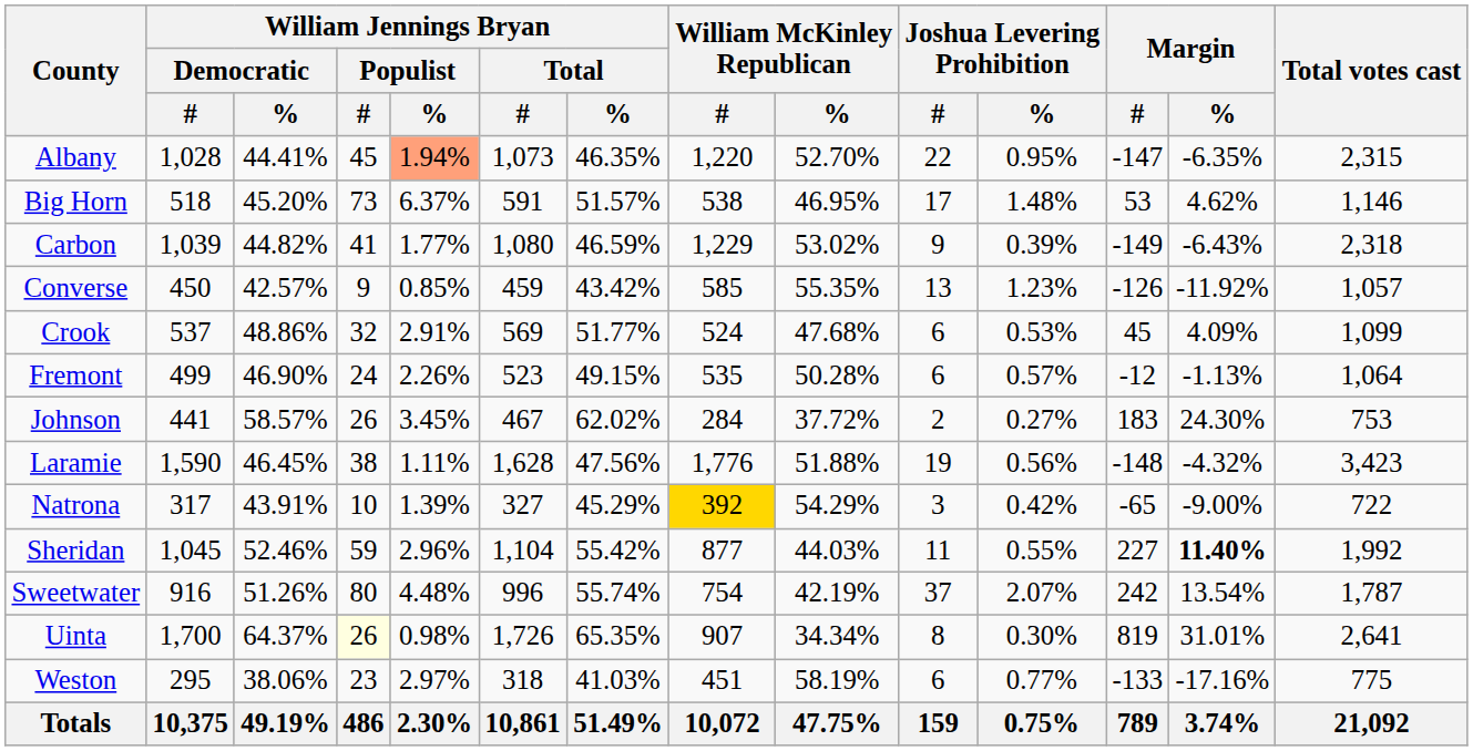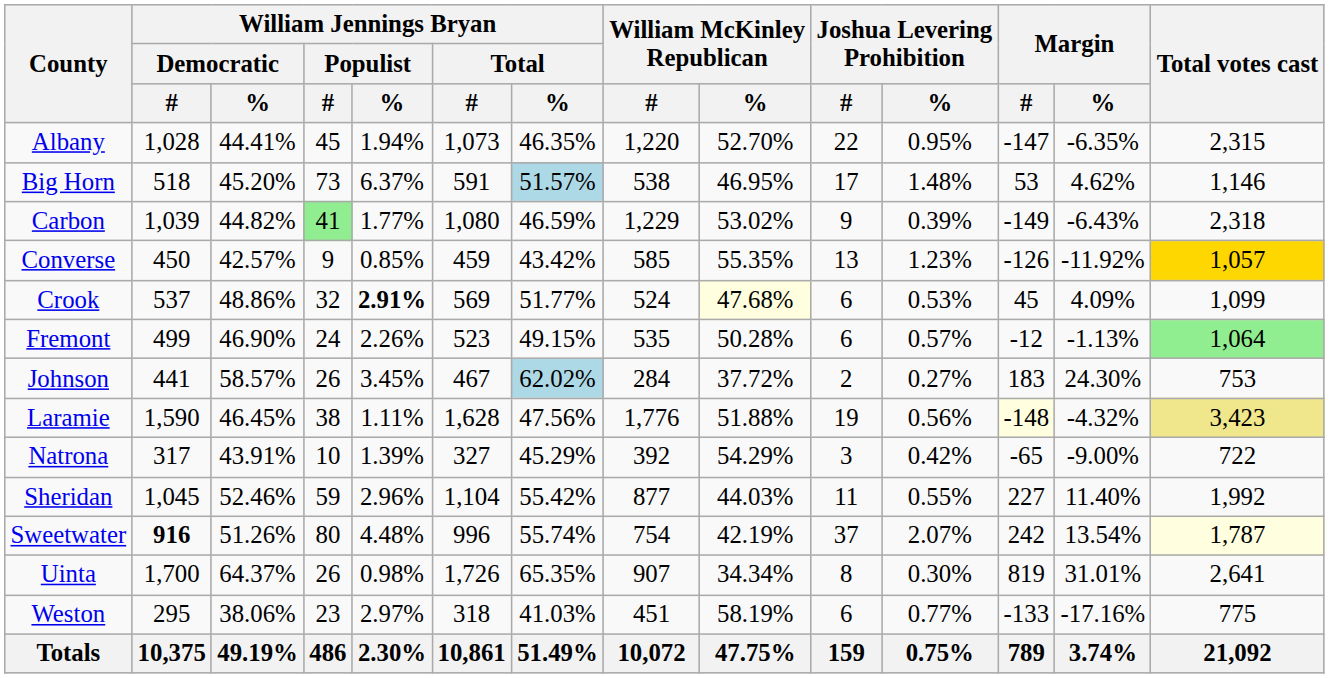 <table class="wikitable sortable" style="text-align:center">
 <tr>
 <th rowspan="3">County</th>
 <th colspan="6">William Jennings Bryan</th>
 <th colspan="2" rowspan="2">William McKinley<br>Republican</th>
 <th colspan="2" rowspan="2">Joshua Levering<br>Prohibition</th>
 <th colspan="2" rowspan="2">Margin</th>
 <th rowspan="3">Total votes cast</th>
 </tr>
 <tr>
 <th colspan="2" style="text-align:center;">Democratic</th>
 <th colspan="2" style="text-align:center;">Populist</th>
 <th colspan="2" style="text-align:center;">Total</th>
 </tr>
 <tr>
 <th style="text-align:center;" data-sort-type="number">#</th>
 <th style="text-align:center;" data-sort-type="number">%</th>
 <th style="text-align:center;" data-sort-type="number">#</th>
 <th style="text-align:center;" data-sort-type="number">%</th>
 <th style="text-align:center;" data-sort-type="number">#</th>
 <th style="text-align:center;" data-sort-type="number">%</th>
 <th style="text-align:center;" data-sort-type="number">#</th>
 <th style="text-align:center;" data-sort-type="number">%</th>
 <th style="text-align:center;" data-sort-type="number">#</th>
 <th style="text-align:center;" data-sort-type="number">%</th>
 <th style="text-align:center;" data-sort-type="number">#</th>
 <th style="text-align:center;" data-sort-type="number">%</th>
 </tr>
 <tr style="text-align:center;">
 <td><a href='#'>Albany</a></td>
 <td>1,028</td>
 <td>44.41%</td>
 <td>45</td>
-<td style="background: lightsalmon;">1.94%</td>
+<td>1.94%</td>
 <td>1,073</td>
 <td>46.35%</td>
 <td>1,220</td>
 <td>52.70%</td>
 <td>22</td>
 <td>0.95%</td>
 <td>-147</td>
 <td>-6.35%</td>
 <td>2,315</td>
 </tr>
 <tr style="text-align:center;">
 <td><a href='#'>Big Horn</a></td>
 <td>518</td>
 <td>45.20%</td>
 <td>73</td>
 <td>6.37%</td>
 <td>591</td>
-<td>51.57%</td>
+<td style="background: lightblue;">51.57%</td>
 <td>538</td>
 <td>46.95%</td>
 <td>17</td>
 <td>1.48%</td>
 <td>53</td>
 <td>4.62%</td>
 <td>1,146</td>
 </tr>
 <tr style="text-align:center;">
 <td><a href='#'>Carbon</a></td>
 <td>1,039</td>
 <td>44.82%</td>
-<td>41</td>
+<td style="background: lightgreen;">41</td>
 <td>1.77%</td>
 <td>1,080</td>
 <td>46.59%</td>
 <td>1,229</td>
 <td>53.02%</td>
 <td>9</td>
 <td>0.39%</td>
 <td>-149</td>
 <td>-6.43%</td>
 <td>2,318</td>
 </tr>
 <tr style="text-align:center;">
 <td><a href='#'>Converse</a></td>
 <td>450</td>
 <td>42.57%</td>
 <td>9</td>
 <td>0.85%</td>
 <td>459</td>
 <td>43.42%</td>
 <td>585</td>
 <td>55.35%</td>
 <td>13</td>
 <td>1.23%</td>
 <td>-126</td>
 <td>-11.92%</td>
-<td>1,057</td>
+<td style="background: gold;">1,057</td>
 </tr>
 <tr style="text-align:center;">
 <td><a href='#'>Crook</a></td>
 <td>537</td>
 <td>48.86%</td>
 <td>32</td>
-<td>2.91%</td>
+<td><strong>2.91%</strong></td>
 <td>569</td>
 <td>51.77%</td>
 <td>524</td>
-<td>47.68%</td>
+<td style="background: lightyellow;">47.68%</td>
 <td>6</td>
 <td>0.53%</td>
 <td>45</td>
 <td>4.09%</td>
 <td>1,099</td>
 </tr>
 <tr style="text-align:center;">
 <td><a href='#'>Fremont</a></td>
 <td>499</td>
 <td>46.90%</td>
 <td>24</td>
 <td>2.26%</td>
 <td>523</td>
 <td>49.15%</td>
 <td>535</td>
 <td>50.28%</td>
 <td>6</td>
 <td>0.57%</td>
 <td>-12</td>
 <td>-1.13%</td>
-<td>1,064</td>
+<td style="background: lightgreen;">1,064</td>
 </tr>
 <tr style="text-align:center;">
 <td><a href='#'>Johnson</a></td>
 <td>441</td>
 <td>58.57%</td>
 <td>26</td>
 <td>3.45%</td>
 <td>467</td>
-<td>62.02%</td>
+<td style="background: lightblue;">62.02%</td>
 <td>284</td>
 <td>37.72%</td>
 <td>2</td>
 <td>0.27%</td>
 <td>183</td>
 <td>24.30%</td>
 <td>753</td>
 </tr>
 <tr style="text-align:center;">
 <td><a href='#'>Laramie</a></td>
 <td>1,590</td>
 <td>46.45%</td>
 <td>38</td>
 <td>1.11%</td>
 <td>1,628</td>
 <td>47.56%</td>
 <td>1,776</td>
 <td>51.88%</td>
 <td>19</td>
 <td>0.56%</td>
-<td>-148</td>
+<td style="background: lightyellow;">-148</td>
 <td>-4.32%</td>
-<td>3,423</td>
+<td style="background: khaki;">3,423</td>
 </tr>
 <tr style="text-align:center;">
 <td><a href='#'>Natrona</a></td>
 <td>317</td>
 <td>43.91%</td>
 <td>10</td>
 <td>1.39%</td>
 <td>327</td>
 <td>45.29%</td>
-<td style="background: gold;">392</td>
+<td>392</td>
 <td>54.29%</td>
 <td>3</td>
 <td>0.42%</td>
 <td>-65</td>
 <td>-9.00%</td>
 <td>722</td>
 </tr>
 <tr style="text-align:center;">
 <td><a href='#'>Sheridan</a></td>
 <td>1,045</td>
 <td>52.46%</td>
 <td>59</td>
 <td>2.96%</td>
 <td>1,104</td>
 <td>55.42%</td>
 <td>877</td>
 <td>44.03%</td>
 <td>11</td>
 <td>0.55%</td>
 <td>227</td>
-<td><strong>11.40%</strong></td>
+<td>11.40%</td>
 <td>1,992</td>
 </tr>
 <tr style="text-align:center;">
 <td><a href='#'>Sweetwater</a></td>
-<td>916</td>
+<td><strong>916</strong></td>
 <td>51.26%</td>
 <td>80</td>
 <td>4.48%</td>
 <td>996</td>
 <td>55.74%</td>
 <td>754</td>
 <td>42.19%</td>
 <td>37</td>
 <td>2.07%</td>
 <td>242</td>
 <td>13.54%</td>
-<td>1,787</td>
+<td style="background: lightyellow;">1,787</td>
 </tr>
 <tr style="text-align:center;">
 <td><a href='#'>Uinta</a></td>
 <td>1,700</td>
 <td>64.37%</td>
-<td style="background: lightyellow;">26</td>
+<td>26</td>
 <td>0.98%</td>
 <td>1,726</td>
 <td>65.35%</td>
 <td>907</td>
 <td>34.34%</td>
 <td>8</td>
 <td>0.30%</td>
 <td>819</td>
 <td>31.01%</td>
 <td>2,641</td>
 </tr>
 <tr style="text-align:center;">
 <td><a href='#'>Weston</a></td>
 <td>295</td>
 <td>38.06%</td>
 <td>23</td>
 <td>2.97%</td>
 <td>318</td>
 <td>41.03%</td>
 <td>451</td>
 <td>58.19%</td>
 <td>6</td>
 <td>0.77%</td>
 <td>-133</td>
 <td>-17.16%</td>
 <td>775</td>
 </tr>
 <tr style="text-align:center;">
 <th>Totals</th>
 <th>10,375</th>
 <th>49.19%</th>
 <th>486</th>
 <th>2.30%</th>
 <th>10,861</th>
 <th>51.49%</th>
 <th>10,072</th>
 <th>47.75%</th>
 <th>159</th>
 <th>0.75%</th>
 <th>789</th>
 <th>3.74%</th>
 <th>21,092</th>
 </tr>
 </table>
